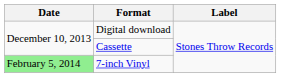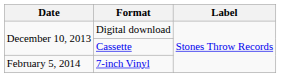 <table class="wikitable">
 <tr>
 <th>Date</th>
 <th>Format</th>
 <th>Label</th>
 </tr>
 <tr>
 <td rowspan="2">December 10, 2013</td>
 <td>Digital download</td>
 <td rowspan="3"><a href='#'>Stones Throw Records</a></td>
 </tr>
 <tr>
 <td><a href='#'>Cassette</a></td>
 </tr>
 <tr>
-<td style="background: lightgreen;">February 5, 2014</td>
+<td>February 5, 2014</td>
 <td><a href='#'>7-inch Vinyl</a></td>
 </tr>
 </table>
